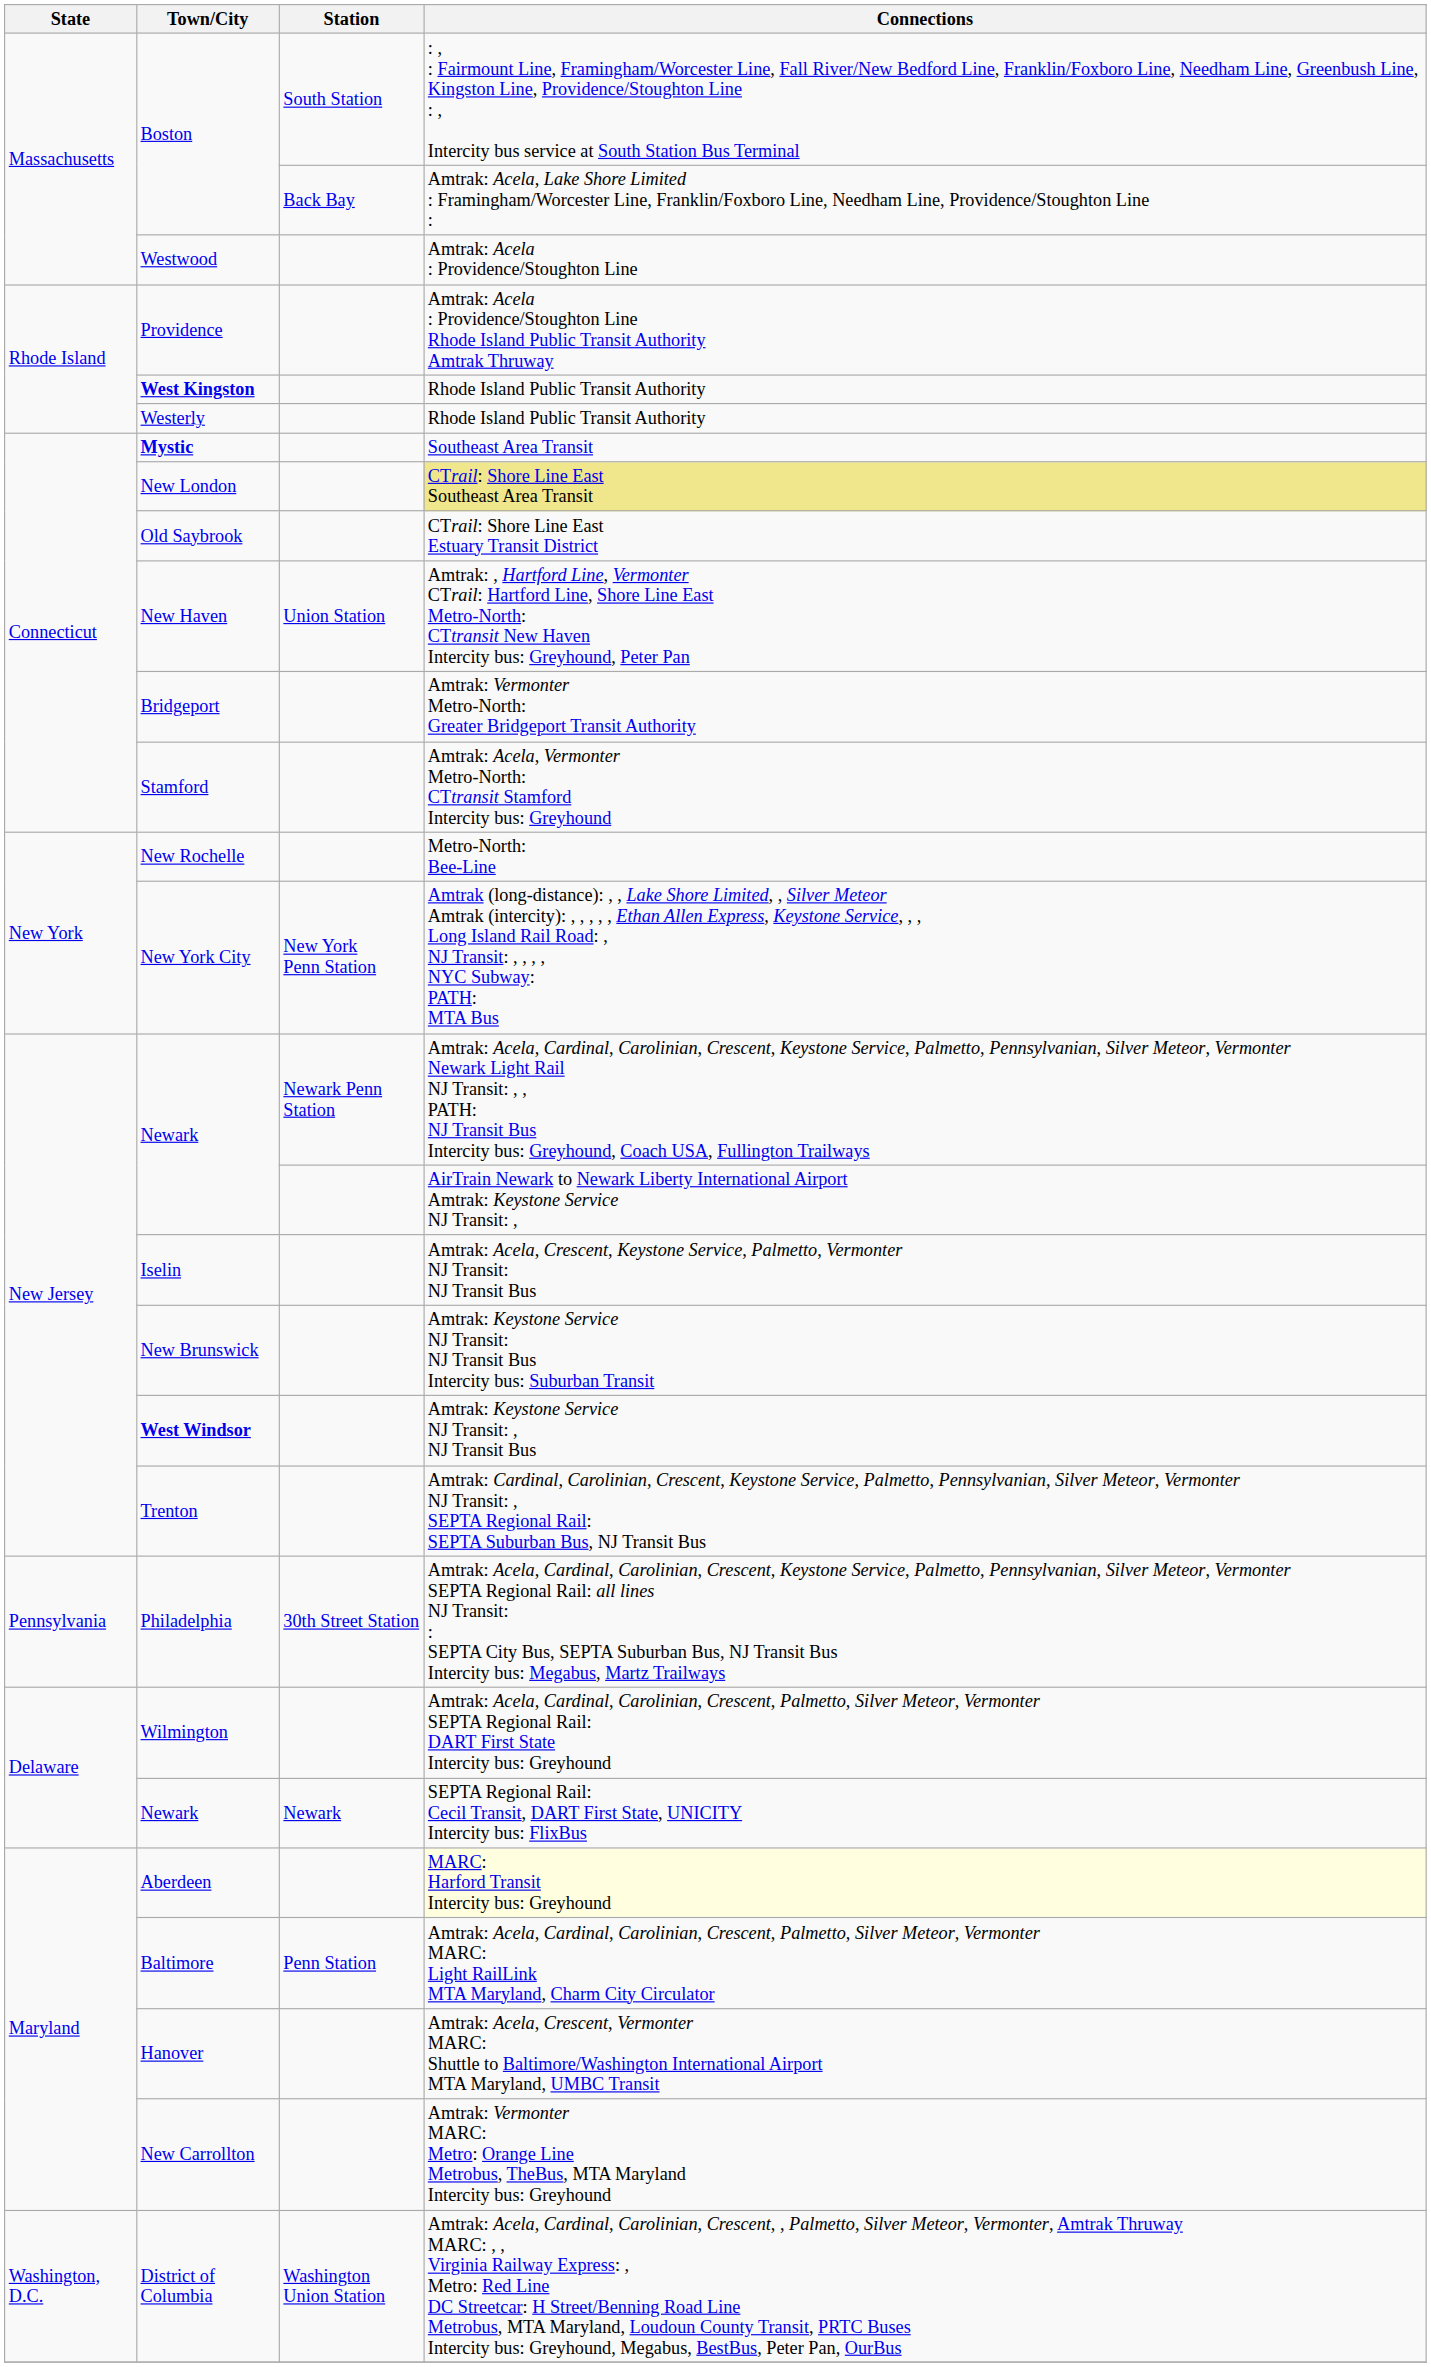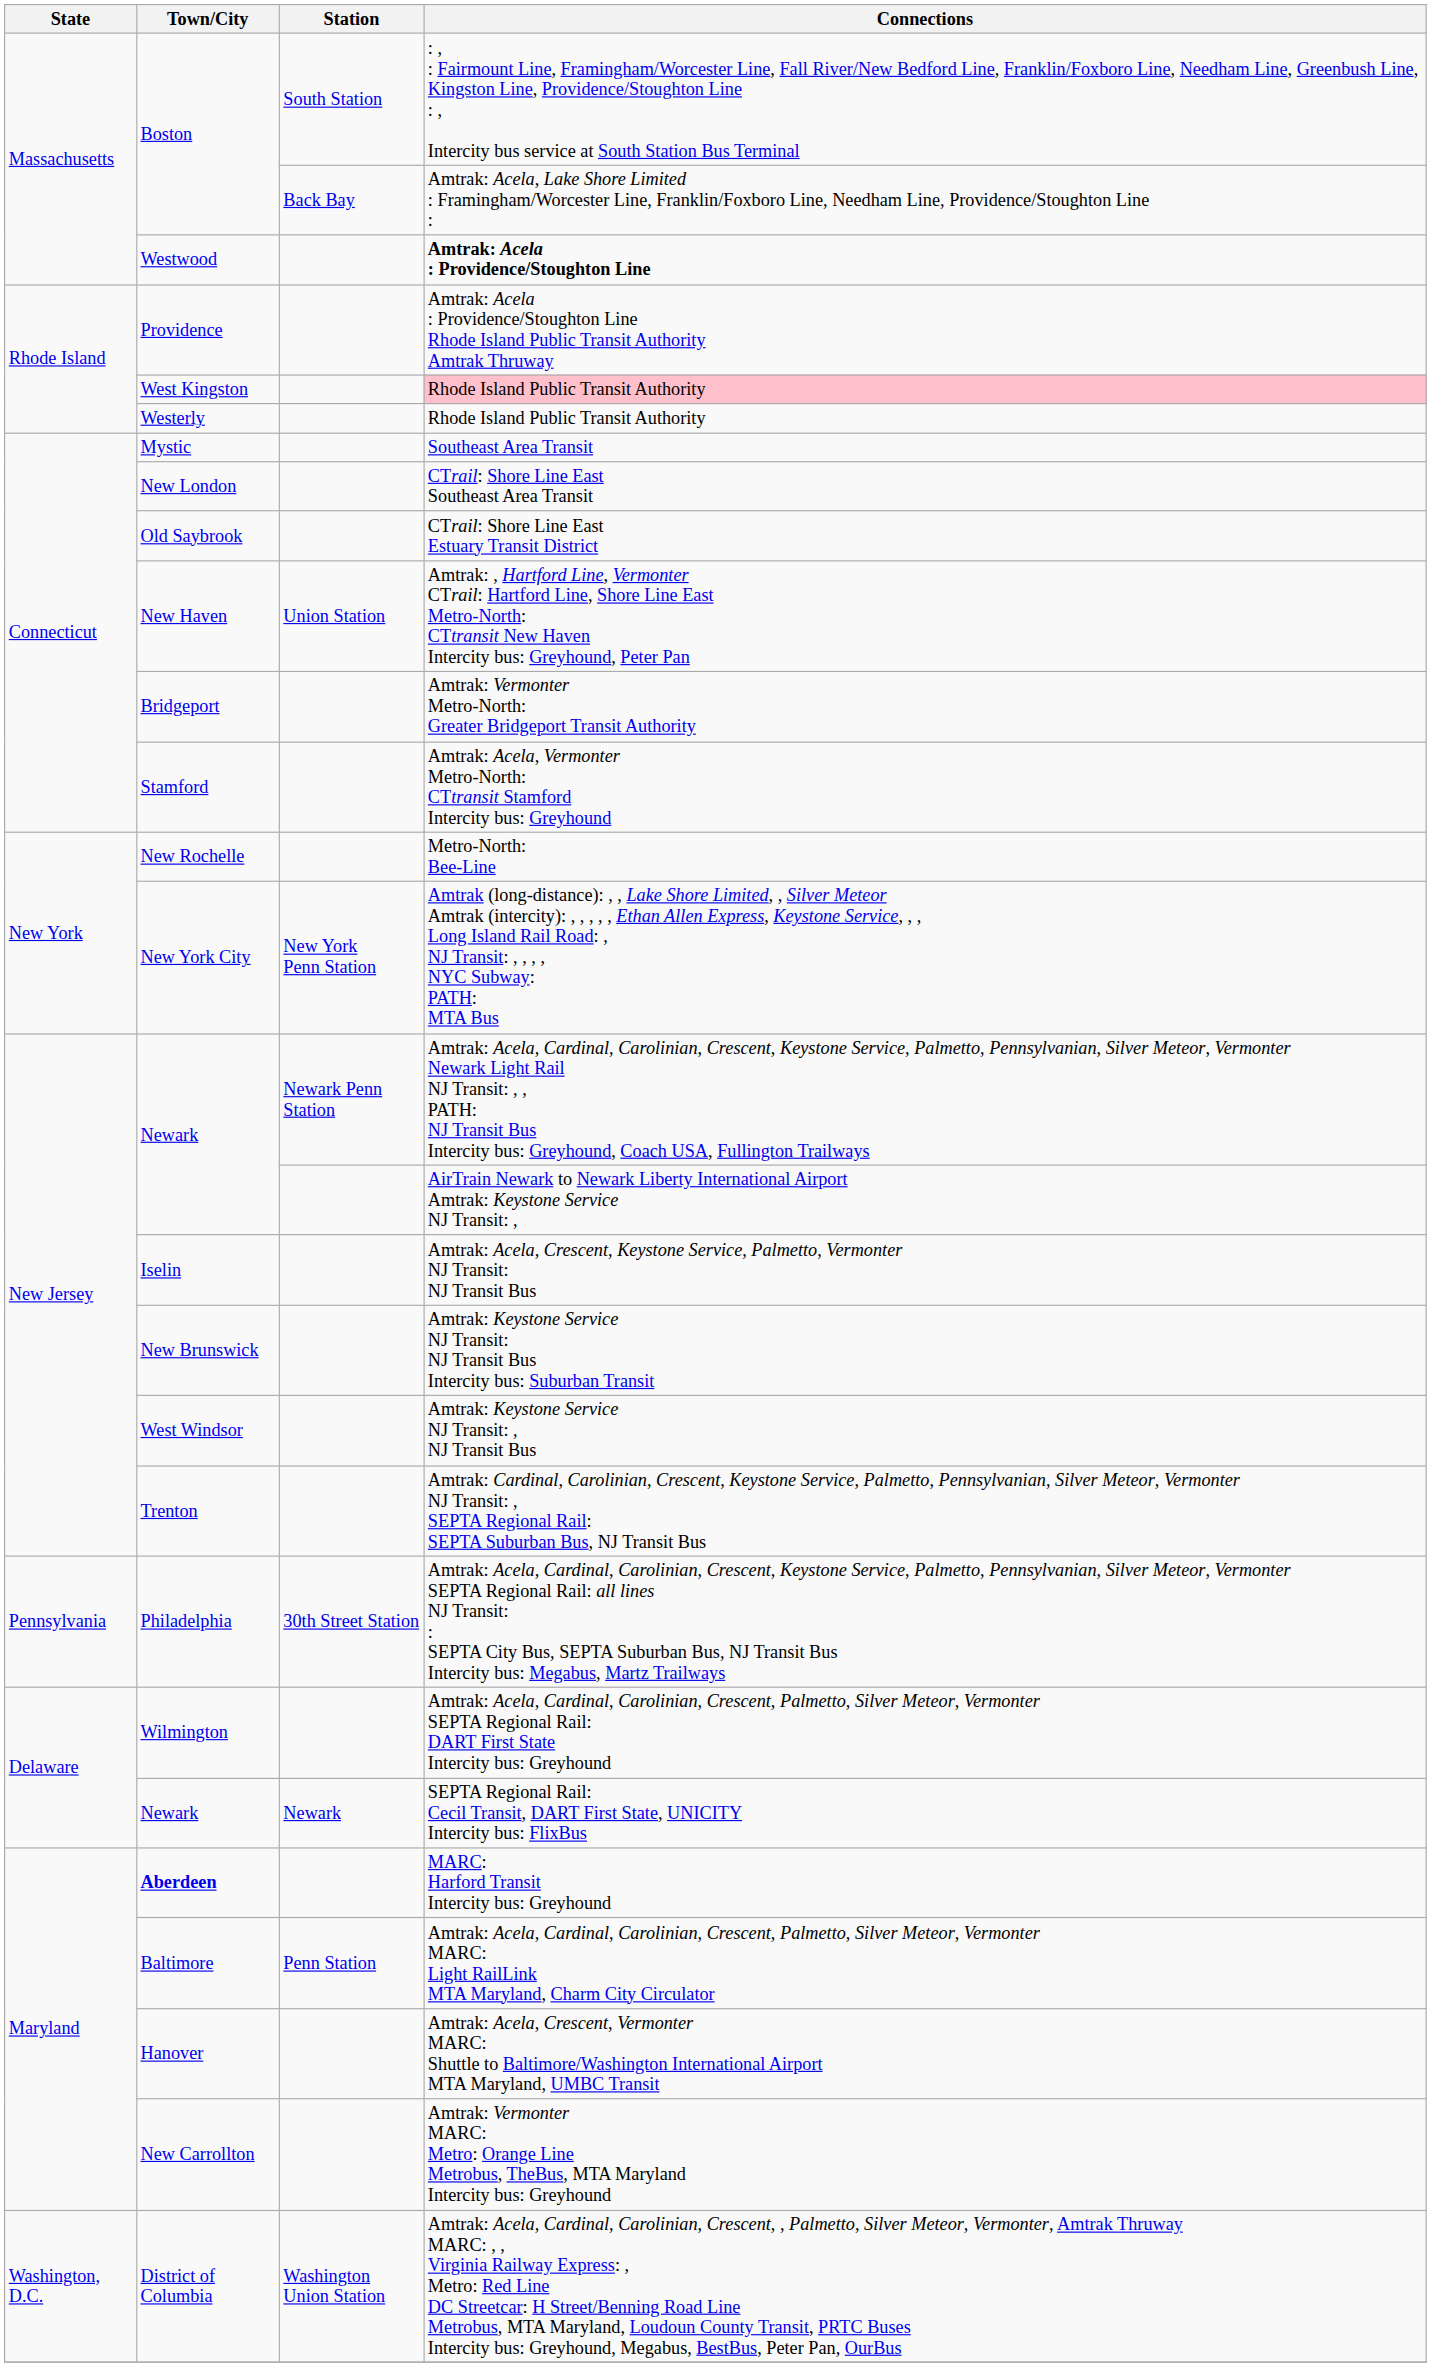 <table class="wikitable mw-collapsible">
 <tr>
 <th>State</th>
 <th>Town/City</th>
 <th>Station</th>
 <th>Connections</th>
 </tr>
 <tr>
 <td rowspan=3><a href='#'>Massachusetts</a></td>
 <td rowspan=2><a href='#'>Boston</a></td>
 <td><a href='#'>South Station</a></td>
 <td>: , <br>: <a href='#'>Fairmount Line</a>, <a href='#'>Framingham/Worcester Line</a>, <a href='#'>Fall River/New Bedford Line</a>, <a href='#'>Franklin/Foxboro Line</a>, <a href='#'>Needham Line</a>, <a href='#'>Greenbush Line</a>, <a href='#'>Kingston Line</a>, <a href='#'>Providence/Stoughton Line</a><br>: , <br><br> Intercity bus service at <a href='#'>South Station Bus Terminal</a></td>
 </tr>
 <tr>
 <td><a href='#'>Back Bay</a></td>
 <td> Amtrak: <em>Acela</em>, <em>Lake Shore Limited</em><br>: Framingham/Worcester Line, Franklin/Foxboro Line, Needham Line, Providence/Stoughton Line<br>: <br></td>
 </tr>
 <tr>
 <td><a href='#'>Westwood</a></td>
 <td></td>
-<td> Amtrak: <em>Acela</em><br>: Providence/Stoughton Line</td>
+<td><strong> Amtrak: <em>Acela</em><br>: Providence/Stoughton Line</strong></td>
 </tr>
 <tr>
 <td rowspan=3><a href='#'>Rhode Island</a></td>
 <td><a href='#'>Providence</a></td>
 <td></td>
 <td> Amtrak: <em>Acela</em><br>: Providence/Stoughton Line<br> <a href='#'>Rhode Island Public Transit Authority</a><br> <a href='#'>Amtrak Thruway</a></td>
 </tr>
 <tr>
-<td><strong><a href='#'>West Kingston</a></strong></td>
+<td><a href='#'>West Kingston</a></td>
 <td></td>
-<td> Rhode Island Public Transit Authority</td>
+<td style="background: pink;"> Rhode Island Public Transit Authority</td>
 </tr>
 <tr>
 <td><a href='#'>Westerly</a></td>
 <td></td>
 <td> Rhode Island Public Transit Authority</td>
 </tr>
 <tr>
 <td rowspan=6><a href='#'>Connecticut</a></td>
-<td><strong><a href='#'>Mystic</a></strong></td>
+<td><a href='#'>Mystic</a></td>
 <td></td>
 <td> <a href='#'>Southeast Area Transit</a></td>
 </tr>
 <tr>
 <td><a href='#'>New London</a></td>
 <td></td>
-<td style="background: khaki;"> <a href='#'>CT<em>rail</em></a>: <a href='#'>Shore Line East</a><br> Southeast Area Transit</td>
+<td> <a href='#'>CT<em>rail</em></a>: <a href='#'>Shore Line East</a><br> Southeast Area Transit</td>
 </tr>
 <tr>
 <td><a href='#'>Old Saybrook</a></td>
 <td></td>
 <td> CT<em>rail</em>: Shore Line East<br> <a href='#'>Estuary Transit District</a></td>
 </tr>
 <tr>
 <td><a href='#'>New Haven</a></td>
 <td><a href='#'>Union Station</a></td>
 <td> Amtrak: , <a href='#'><em>Hartford Line</em></a>, <a href='#'><em>Vermonter</em></a><br> CT<em>rail</em>: <a href='#'>Hartford Line</a>, <a href='#'>Shore Line East</a><br> <a href='#'>Metro-North</a>: <br> <a href='#'>CT<em>transit</em> New Haven</a><br> Intercity bus:  <a href='#'>Greyhound</a>, <a href='#'>Peter Pan</a></td>
 </tr>
 <tr>
 <td><a href='#'>Bridgeport</a></td>
 <td></td>
 <td> Amtrak: <em>Vermonter</em><br> Metro-North: <br> <a href='#'>Greater Bridgeport Transit Authority</a></td>
 </tr>
 <tr>
 <td><a href='#'>Stamford</a></td>
 <td></td>
 <td> Amtrak: <em>Acela</em>, <em>Vermonter</em><br> Metro-North: <br> <a href='#'>CT<em>transit</em> Stamford</a><br> Intercity bus:  <a href='#'>Greyhound</a></td>
 </tr>
 <tr>
 <td rowspan=2><a href='#'>New York</a></td>
 <td><a href='#'>New Rochelle</a></td>
 <td></td>
 <td> Metro-North: <br> <a href='#'>Bee-Line</a></td>
 </tr>
 <tr>
 <td><a href='#'>New York City</a></td>
 <td><a href='#'>New York<br>Penn Station</a></td>
 <td> <a href='#'>Amtrak</a> (long-distance):  , , <em><a href='#'>Lake Shore Limited</a></em>, , <em><a href='#'>Silver Meteor</a></em><br> Amtrak (intercity): , , , , , <em><a href='#'>Ethan Allen Express</a></em>, <em><a href='#'>Keystone Service</a></em>, , , <br> <a href='#'>Long Island Rail Road</a>: , <br> <a href='#'>NJ Transit</a>: , , , , <br> <a href='#'>NYC Subway</a>: <br> <a href='#'>PATH</a>:   <br> <a href='#'>MTA Bus</a></td>
 </tr>
 <tr>
 <td rowspan=6><a href='#'>New Jersey</a></td>
 <td rowspan=2><a href='#'>Newark</a></td>
 <td><a href='#'>Newark Penn Station</a></td>
 <td> Amtrak: <em>Acela</em>, <em>Cardinal</em>, <em>Carolinian</em>, <em>Crescent</em>, <em>Keystone Service</em>, <em>Palmetto</em>, <em>Pennsylvanian</em>, <em>Silver Meteor</em>, <em>Vermonter</em><br> <a href='#'>Newark Light Rail</a><br> NJ Transit: , , <br> PATH: <br> <a href='#'>NJ Transit Bus</a><br> Intercity bus:  <a href='#'>Greyhound</a>, <a href='#'>Coach USA</a>, <a href='#'>Fullington Trailways</a></td>
 </tr>
 <tr>
 <td> </td>
 <td> <a href='#'>AirTrain Newark</a> to <a href='#'>Newark Liberty International Airport</a><br> Amtrak: <em>Keystone Service</em><br> NJ Transit: , </td>
 </tr>
 <tr>
 <td><a href='#'>Iselin</a></td>
 <td></td>
 <td> Amtrak: <em>Acela</em>, <em>Crescent</em>, <em>Keystone Service</em>, <em>Palmetto</em>, <em>Vermonter</em><br> NJ Transit: <br> NJ Transit Bus</td>
 </tr>
 <tr>
 <td><a href='#'>New Brunswick</a></td>
 <td></td>
 <td> Amtrak: <em>Keystone Service</em><br> NJ Transit: <br> NJ Transit Bus<br> Intercity bus: <a href='#'>Suburban Transit</a></td>
 </tr>
 <tr>
-<td><strong><a href='#'>West Windsor</a></strong></td>
+<td><a href='#'>West Windsor</a></td>
 <td></td>
 <td> Amtrak: <em>Keystone Service</em><br> NJ Transit: , <br> NJ Transit Bus</td>
 </tr>
 <tr>
 <td><a href='#'>Trenton</a></td>
 <td></td>
 <td> Amtrak: <em>Cardinal</em>, <em>Carolinian</em>, <em>Crescent</em>, <em>Keystone Service</em>, <em>Palmetto</em>, <em>Pennsylvanian</em>, <em>Silver Meteor</em>, <em>Vermonter</em><br> NJ Transit: , <br> <a href='#'>SEPTA Regional Rail</a>: <br> <a href='#'>SEPTA Suburban Bus</a>, NJ Transit Bus</td>
 </tr>
 <tr>
 <td><a href='#'>Pennsylvania</a></td>
 <td><a href='#'>Philadelphia</a></td>
 <td><a href='#'>30th Street Station</a></td>
 <td> Amtrak: <em>Acela</em>, <em>Cardinal</em>, <em>Carolinian</em>, <em>Crescent</em>, <em>Keystone Service</em>, <em>Palmetto</em>, <em>Pennsylvanian</em>, <em>Silver Meteor</em>, <em>Vermonter</em><br> SEPTA Regional Rail: <em>all lines</em><br> NJ Transit: <br>:  <br> SEPTA City Bus, SEPTA Suburban Bus, NJ Transit Bus<br> Intercity bus:  <a href='#'>Megabus</a>, <a href='#'>Martz Trailways</a></td>
 </tr>
 <tr>
 <td rowspan=2><a href='#'>Delaware</a></td>
 <td><a href='#'>Wilmington</a></td>
 <td></td>
 <td> Amtrak: <em>Acela</em>, <em>Cardinal</em>, <em>Carolinian</em>, <em>Crescent</em>, <em>Palmetto</em>, <em>Silver Meteor</em>, <em>Vermonter</em><br> SEPTA Regional Rail: <br> <a href='#'>DART First State</a><br> Intercity bus:  Greyhound</td>
 </tr>
 <tr>
 <td><a href='#'>Newark</a></td>
 <td><a href='#'>Newark</a></td>
 <td> SEPTA Regional Rail: <br> <a href='#'>Cecil Transit</a>, <a href='#'>DART First State</a>, <a href='#'>UNICITY</a><br> Intercity bus: <a href='#'>FlixBus</a></td>
 </tr>
 <tr>
 <td rowspan=4><a href='#'>Maryland</a></td>
-<td><a href='#'>Aberdeen</a></td>
+<td><strong><a href='#'>Aberdeen</a></strong></td>
 <td></td>
-<td style="background: lightyellow;"> <a href='#'>MARC</a>: <br> <a href='#'>Harford Transit</a><br> Intercity bus:  Greyhound</td>
+<td> <a href='#'>MARC</a>: <br> <a href='#'>Harford Transit</a><br> Intercity bus:  Greyhound</td>
 </tr>
 <tr>
 <td><a href='#'>Baltimore</a></td>
 <td><a href='#'>Penn Station</a></td>
 <td> Amtrak: <em>Acela</em>, <em>Cardinal</em>, <em>Carolinian</em>, <em>Crescent</em>, <em>Palmetto</em>, <em>Silver Meteor</em>, <em>Vermonter</em><br> MARC: <br> <a href='#'>Light RailLink</a><br> <a href='#'>MTA Maryland</a>, <a href='#'>Charm City Circulator</a></td>
 </tr>
 <tr>
 <td><a href='#'>Hanover</a></td>
 <td> </td>
 <td> Amtrak: <em>Acela</em>, <em>Crescent</em>, <em>Vermonter</em><br> MARC: <br> Shuttle to  <a href='#'>Baltimore/Washington International Airport</a><br> MTA Maryland, <a href='#'>UMBC Transit</a></td>
 </tr>
 <tr>
 <td><a href='#'>New Carrollton</a></td>
 <td></td>
 <td> Amtrak: <em>Vermonter</em><br> MARC: <br> <a href='#'>Metro</a>:  <a href='#'>Orange Line</a> <br> <a href='#'>Metrobus</a>, <a href='#'>TheBus</a>, MTA Maryland<br> Intercity bus:  Greyhound</td>
 </tr>
 <tr>
 <td><a href='#'>Washington, D.C.</a></td>
 <td><a href='#'>District of Columbia</a></td>
 <td><a href='#'>Washington<br>Union Station</a></td>
 <td> Amtrak: <em>Acela</em>, <em>Cardinal</em>, <em>Carolinian</em>, <em>Crescent</em>, , <em>Palmetto</em>, <em>Silver Meteor</em>, <em>Vermonter</em>, <a href='#'>Amtrak Thruway</a><br> MARC: , , <br> <a href='#'>Virginia Railway Express</a>: , <br> Metro:  <a href='#'>Red Line</a><br> <a href='#'>DC Streetcar</a>: <a href='#'>H Street/Benning Road Line</a><br> <a href='#'>Metrobus</a>, MTA Maryland, <a href='#'>Loudoun County Transit</a>, <a href='#'>PRTC Buses</a><br> Intercity bus:  Greyhound,  Megabus, <a href='#'>BestBus</a>, Peter Pan, <a href='#'>OurBus</a></td>
 </tr>
 <tr>
 </tr>
 </table>
